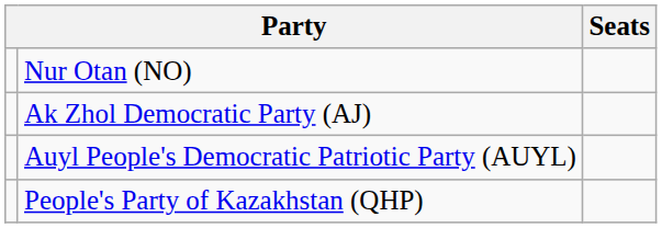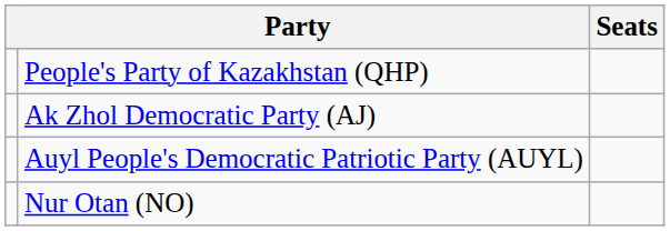 <table class="wikitable">
 <tr>
 <th colspan="2">Party</th>
 <th>Seats</th>
 </tr>
 <tr>
 <td></td>
-<td><a href='#'>Nur Otan</a> (NO)</td>
+<td><a href='#'>People's Party of Kazakhstan</a> (QHP)</td>
 <td style="text-align:center"></td>
 </tr>
 <tr>
 <td></td>
 <td><a href='#'>Ak Zhol Democratic Party</a> (AJ)</td>
 <td style="text-align:center"></td>
 </tr>
 <tr>
 <td></td>
 <td><a href='#'>Auyl People's Democratic Patriotic Party</a> (AUYL)</td>
 <td style="text-align:center"></td>
 </tr>
 <tr>
 <td></td>
-<td><a href='#'>People's Party of Kazakhstan</a> (QHP)</td>
+<td><a href='#'>Nur Otan</a> (NO)</td>
 <td style="text-align:center"></td>
 </tr>
 </table>
